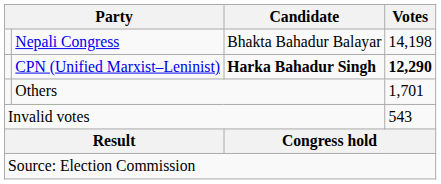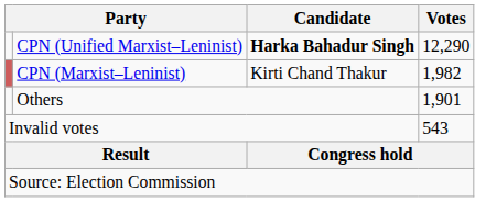 <table class="wikitable">
 <tr>
 <th colspan="2">Party</th>
 <th>Candidate</th>
 <th>Votes</th>
 </tr>
 <tr>
 <td style="background-color:"></td>
-<td><a href='#'>Nepali Congress</a></td>
-<td>Bhakta Bahadur Balayar</td>
-<td>14,198</td>
+<td><a href='#'>CPN (Unified Marxist–Leninist)</a></td>
+<td><strong>Harka Bahadur Singh</strong></td>
+<td>12,290</td>
 </tr>
 <tr>
-<td style="background-color:"></td>
-<td><a href='#'>CPN (Unified Marxist–Leninist)</a></td>
-<td><strong>Harka Bahadur Singh</strong></td>
-<td><strong>12,290</strong></td>
+<td style="background-color:indianred"></td>
+<td><a href='#'>CPN (Marxist–Leninist)</a></td>
+<td>Kirti Chand Thakur</td>
+<td>1,982</td>
 </tr>
 <tr>
 <td></td>
 <td colspan="2">Others</td>
-<td>1,701</td>
+<td>1,901</td>
 </tr>
 <tr>
 <td colspan="3">Invalid votes</td>
 <td>543</td>
 </tr>
 <tr>
 <th colspan="2">Result</th>
 <th colspan="2">Congress hold</th>
 </tr>
 <tr>
 <td colspan="4">Source: Election Commission</td>
 </tr>
 </table>
